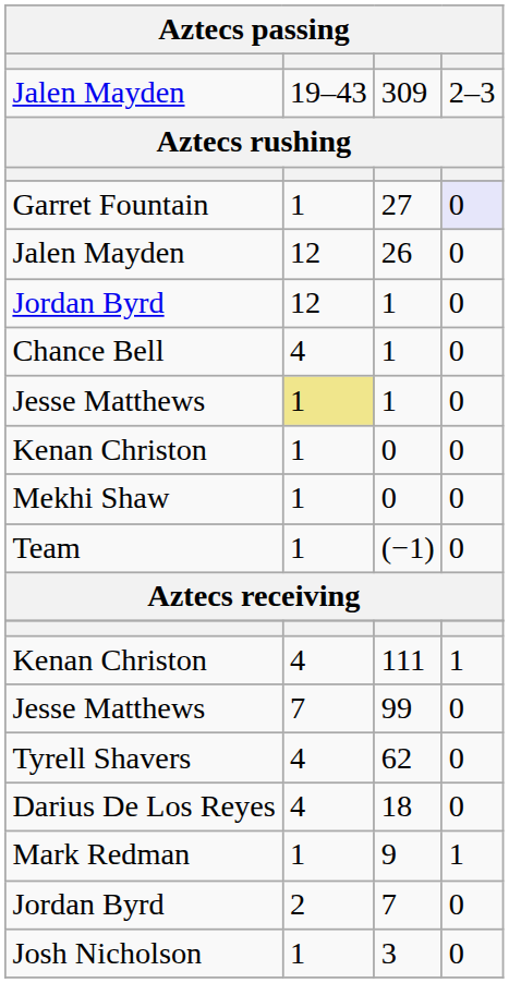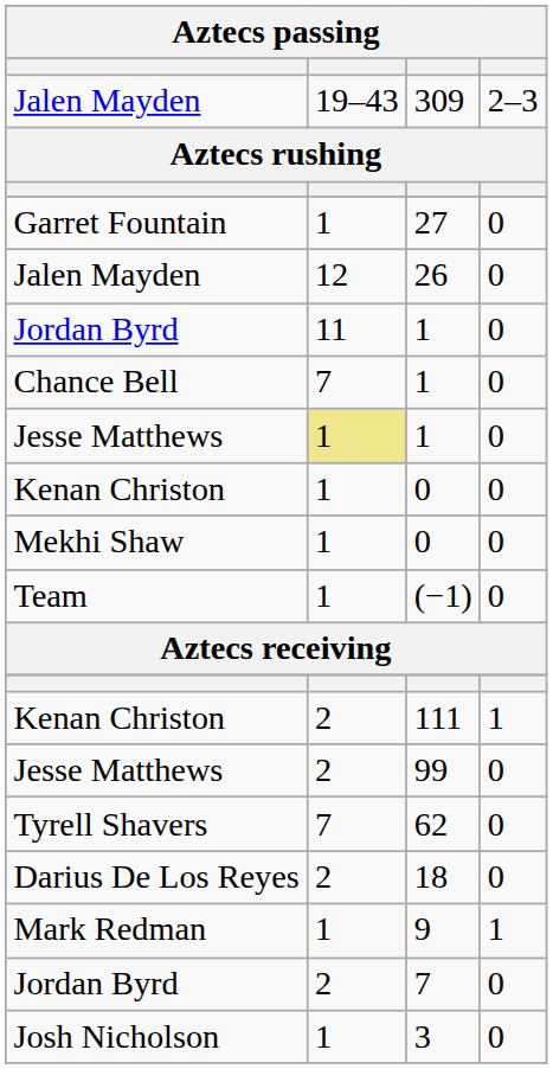 <table class="wikitable plainrowheaders">
 <tr>
 <th colspan="6">Aztecs passing</th>
 </tr>
 <tr>
 <th scope="col"></th>
 <th scope="col"></th>
 <th scope="col"></th>
 <th scope="col"></th>
 </tr>
 <tr>
 <td><a href='#'>Jalen Mayden</a></td>
 <td>19–43</td>
 <td>309</td>
 <td>2–3</td>
 </tr>
 <tr>
 <th colspan="6">Aztecs rushing</th>
 </tr>
 <tr>
 <th scope="col"></th>
 <th scope="col"></th>
 <th scope="col"></th>
 <th scope="col"></th>
 </tr>
 <tr>
 <td>Garret Fountain</td>
 <td>1</td>
 <td>27</td>
-<td style="background: lavender;">0</td>
+<td>0</td>
 </tr>
 <tr>
 <td>Jalen Mayden</td>
 <td>12</td>
 <td>26</td>
 <td>0</td>
 </tr>
 <tr>
 <td><a href='#'>Jordan Byrd</a></td>
-<td>12</td>
+<td>11</td>
 <td>1</td>
 <td>0</td>
 </tr>
 <tr>
 <td>Chance Bell</td>
-<td>4</td>
+<td>7</td>
 <td>1</td>
 <td>0</td>
 </tr>
 <tr>
 <td>Jesse Matthews</td>
 <td style="background: khaki;">1</td>
 <td>1</td>
 <td>0</td>
 </tr>
 <tr>
 <td>Kenan Christon</td>
 <td>1</td>
 <td>0</td>
 <td>0</td>
 </tr>
 <tr>
 <td>Mekhi Shaw</td>
 <td>1</td>
 <td>0</td>
 <td>0</td>
 </tr>
 <tr>
 <td>Team</td>
 <td>1</td>
 <td>(−1)</td>
 <td>0</td>
 </tr>
 <tr>
 <th colspan="6">Aztecs receiving</th>
 </tr>
 <tr>
 </tr>
 <tr>
 <th scope="col"></th>
 <th scope="col"></th>
 <th scope="col"></th>
 <th scope="col"></th>
 </tr>
 <tr>
 <td>Kenan Christon</td>
-<td>4</td>
+<td>2</td>
 <td>111</td>
 <td>1</td>
 </tr>
 <tr>
 <td>Jesse Matthews</td>
-<td>7</td>
+<td>2</td>
 <td>99</td>
 <td>0</td>
 </tr>
 <tr>
 <td>Tyrell Shavers</td>
-<td>4</td>
+<td>7</td>
 <td>62</td>
 <td>0</td>
 </tr>
 <tr>
 <td>Darius De Los Reyes</td>
-<td>4</td>
+<td>2</td>
 <td>18</td>
 <td>0</td>
 </tr>
 <tr>
 <td>Mark Redman</td>
 <td>1</td>
 <td>9</td>
 <td>1</td>
 </tr>
 <tr>
 <td>Jordan Byrd</td>
 <td>2</td>
 <td>7</td>
 <td>0</td>
 </tr>
 <tr>
 <td>Josh Nicholson</td>
 <td>1</td>
 <td>3</td>
 <td>0</td>
 </tr>
 </table>
